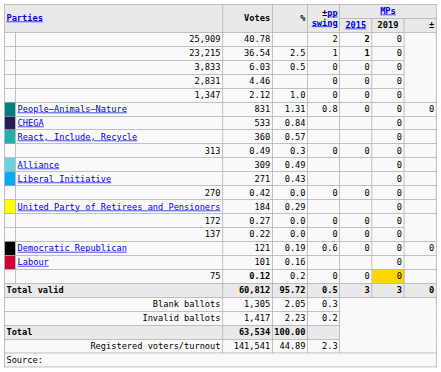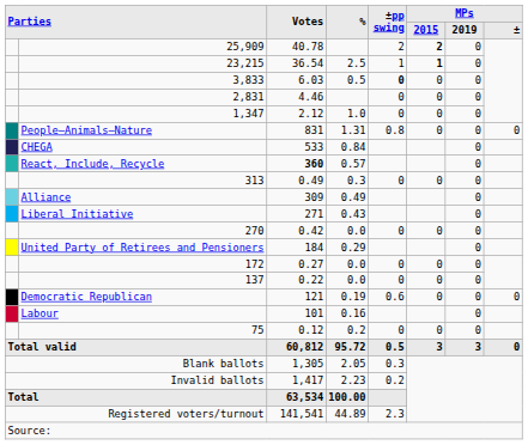 <table class="wikitable" style="text-align:right; font-size:95%;">
 <tr>
 <th rowspan="2" colspan="2" style="background:#e9e9e9; text-align:left;" alignleft><a href='#'>Parties</a></th>
 <th rowspan="2" style="background:#e9e9e9; text-align:right;">Votes</th>
 <th rowspan="2" style="background:#e9e9e9; text-align:right;">%</th>
 <th rowspan="2" style="background:#e9e9e9; text-align:right;">±<a href='#'>pp</a> <a href='#'>swing</a></th>
 <th colspan="3" style="background:#e9e9e9; text-align:center;"><a href='#'>MPs</a></th>
 </tr>
 <tr style="background-color:#E9E9E9">
 <th style="background-color:#E9E9E9;text-align:center;"><a href='#'>2015</a></th>
 <th style="background-color:#E9E9E9;text-align:center;">2019</th>
 <th style="background:#e9e9e9; text-align:right;">±</th>
 </tr>
 <tr>
 <td></td>
 <td>25,909</td>
 <td>40.78</td>
 <td></td>
 <td>2</td>
 <td><strong>2</strong></td>
 <td>0</td>
 </tr>
 <tr>
 <td></td>
 <td>23,215</td>
 <td>36.54</td>
 <td>2.5</td>
 <td>1</td>
 <td><strong>1</strong></td>
 <td>0</td>
 </tr>
 <tr>
 <td></td>
 <td>3,833</td>
 <td>6.03</td>
 <td>0.5</td>
-<td>0</td>
+<td><strong>0</strong></td>
 <td>0</td>
 <td>0</td>
 </tr>
 <tr>
 <td></td>
 <td>2,831</td>
 <td>4.46</td>
 <td></td>
 <td>0</td>
 <td>0</td>
 <td>0</td>
 </tr>
 <tr>
 <td></td>
 <td>1,347</td>
 <td>2.12</td>
 <td>1.0</td>
 <td>0</td>
 <td>0</td>
 <td>0</td>
 </tr>
 <tr>
 <td style="width: 10px" bgcolor="teal" align="center"></td>
 <td align="left"><a href='#'>People–Animals–Nature</a></td>
 <td>831</td>
 <td>1.31</td>
 <td>0.8</td>
 <td>0</td>
 <td>0</td>
 <td>0</td>
 </tr>
 <tr>
 <td style="width: 10px" bgcolor="#202056" align="center"></td>
 <td align="left"><a href='#'>CHEGA</a></td>
 <td>533</td>
 <td>0.84</td>
 <td></td>
 <td></td>
 <td>0</td>
 <td></td>
 </tr>
 <tr>
 <td style="width: 10px" bgcolor=LightSeaGreen align="center"></td>
 <td align=left><a href='#'>React, Include, Recycle</a></td>
-<td>360</td>
+<td><strong>360</strong></td>
 <td>0.57</td>
 <td></td>
 <td></td>
 <td>0</td>
 <td></td>
 </tr>
 <tr>
 <td></td>
 <td>313</td>
 <td>0.49</td>
 <td>0.3</td>
 <td>0</td>
 <td>0</td>
 <td>0</td>
 </tr>
 <tr>
 <td style="width: 10px" bgcolor="#6AD1E3" align="center"></td>
 <td align="left"><a href='#'>Alliance</a></td>
 <td>309</td>
 <td>0.49</td>
 <td></td>
 <td></td>
 <td>0</td>
 <td></td>
 </tr>
 <tr>
 <td style="width: 10px" bgcolor="#00ADEF" align="center"></td>
 <td align="left"><a href='#'>Liberal Initiative</a></td>
 <td>271</td>
 <td>0.43</td>
 <td></td>
 <td></td>
 <td>0</td>
 <td></td>
 </tr>
 <tr>
 <td></td>
 <td>270</td>
 <td>0.42</td>
 <td>0.0</td>
 <td>0</td>
 <td>0</td>
 <td>0</td>
 </tr>
 <tr>
 <td style="width: 10px" bgcolor=yellow align="center"></td>
 <td align=left><a href='#'>United Party of Retirees and Pensioners</a></td>
 <td>184</td>
 <td>0.29</td>
 <td></td>
 <td></td>
 <td>0</td>
 <td></td>
 </tr>
 <tr>
 <td></td>
 <td>172</td>
 <td>0.27</td>
 <td>0.0</td>
 <td>0</td>
 <td>0</td>
 <td>0</td>
 </tr>
 <tr>
 <td></td>
 <td>137</td>
 <td>0.22</td>
 <td>0.0</td>
 <td>0</td>
 <td>0</td>
 <td>0</td>
 </tr>
 <tr>
 <td style="width: 10px" bgcolor=black align="center"></td>
 <td align=left><a href='#'>Democratic Republican</a></td>
 <td>121</td>
 <td>0.19</td>
 <td>0.6</td>
 <td>0</td>
 <td>0</td>
 <td>0</td>
 </tr>
 <tr>
 <td style="width: 10px" bgcolor=#CC0033 align="center"></td>
 <td align=left><a href='#'>Labour</a></td>
 <td>101</td>
 <td>0.16</td>
 <td></td>
 <td></td>
 <td>0</td>
 <td></td>
 </tr>
 <tr>
 <td></td>
 <td>75</td>
-<td><strong>0.12</strong></td>
+<td>0.12</td>
 <td>0.2</td>
 <td>0</td>
 <td>0</td>
-<td style="background: gold;">0</td>
+<td>0</td>
 </tr>
 <tr>
 <td colspan=2 align=left style="background-color:#E9E9E9"><strong>Total valid</strong></td>
 <td width="65" align="right" style="background-color:#E9E9E9"><strong>60,812</strong></td>
 <td width="40" align="right" style="background-color:#E9E9E9"><strong>95.72</strong></td>
 <td width="40" align="right" style="background-color:#E9E9E9"><strong>0.5</strong></td>
 <td width="40" align="right" style="background-color:#E9E9E9"><strong>3</strong></td>
 <td width="40" align="right" style="background-color:#E9E9E9"><strong>3</strong></td>
 <td width="40" align="right" style="background-color:#E9E9E9"><strong>0</strong></td>
 </tr>
 <tr>
 <td colspan=2>Blank ballots</td>
 <td>1,305</td>
 <td>2.05</td>
 <td>0.3</td>
 <td colspan=4 rowspan=4></td>
 </tr>
 <tr>
 <td colspan=2>Invalid ballots</td>
 <td>1,417</td>
 <td>2.23</td>
 <td>0.2</td>
 </tr>
 <tr>
 <td colspan=2 width="259" align=left style="background-color:#E9E9E9"><strong>Total</strong></td>
 <td width="50" align="right" style="background-color:#E9E9E9"><strong>63,534</strong></td>
 <td width="40" align="right" style="background-color:#E9E9E9"><strong>100.00</strong></td>
 <td width="40" align="right" style="background-color:#E9E9E9"></td>
 </tr>
 <tr>
 <td colspan=2>Registered voters/turnout</td>
 <td>141,541</td>
 <td>44.89</td>
 <td>2.3</td>
 </tr>
 <tr>
 <td colspan=11 align=left>Source: </td>
 </tr>
 </table>
